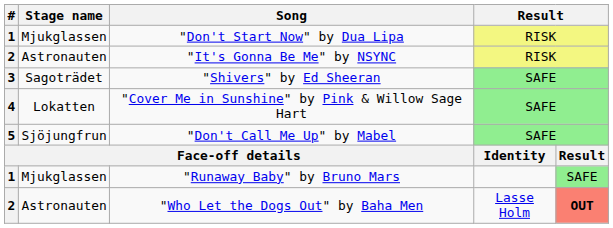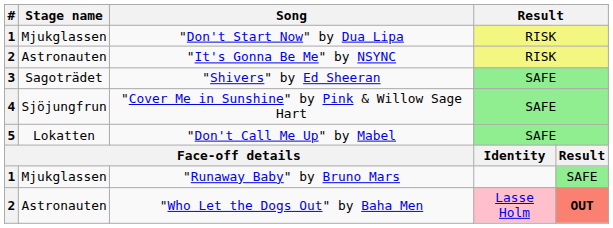 <table class="wikitable plainrowheaders" style="text-align: center;">
 <tr>
 <th>#</th>
 <th>Stage name</th>
 <th>Song</th>
 <th colspan=2>Result</th>
 </tr>
 <tr>
 <th>1</th>
 <td>Mjukglassen</td>
 <td>"<a href='#'>Don't Start Now</a>" by <a href='#'>Dua Lipa</a></td>
 <td colspan=2 bgcolor="#F3F781">RISK</td>
 </tr>
 <tr>
 <th>2</th>
 <td>Astronauten</td>
 <td>"<a href='#'>It's Gonna Be Me</a>" by <a href='#'>NSYNC</a></td>
 <td colspan=2 bgcolor="#F3F781">RISK</td>
 </tr>
 <tr>
 <th>3</th>
 <td>Sagoträdet</td>
 <td>"<a href='#'>Shivers</a>" by <a href='#'>Ed Sheeran</a></td>
 <td colspan=2 bgcolor=lightgreen>SAFE</td>
 </tr>
 <tr>
 <th>4</th>
-<td>Lokatten</td>
+<td>Sjöjungfrun</td>
 <td>"<a href='#'>Cover Me in Sunshine</a>" by <a href='#'>Pink</a> & Willow Sage Hart</td>
 <td colspan=2 bgcolor=lightgreen>SAFE</td>
 </tr>
 <tr>
 <th>5</th>
-<td>Sjöjungfrun</td>
+<td>Lokatten</td>
 <td>"<a href='#'>Don't Call Me Up</a>" by <a href='#'>Mabel</a></td>
 <td colspan=2 bgcolor=lightgreen>SAFE</td>
 </tr>
 <tr>
 <th colspan="3">Face-off details</th>
 <th>Identity</th>
 <th>Result</th>
 </tr>
 <tr>
 <th>1</th>
 <td>Mjukglassen</td>
 <td>"<a href='#'>Runaway Baby</a>" by <a href='#'>Bruno Mars</a></td>
 <td></td>
 <td bgcolor=lightgreen>SAFE</td>
 </tr>
 <tr>
 <th>2</th>
 <td>Astronauten</td>
 <td>"<a href='#'>Who Let the Dogs Out</a>" by <a href='#'>Baha Men</a></td>
-<td><a href='#'>Lasse Holm</a></td>
+<td style="background: pink;"><a href='#'>Lasse Holm</a></td>
 <td bgcolor=salmon><strong>OUT</strong></td>
 </tr>
 </table>
